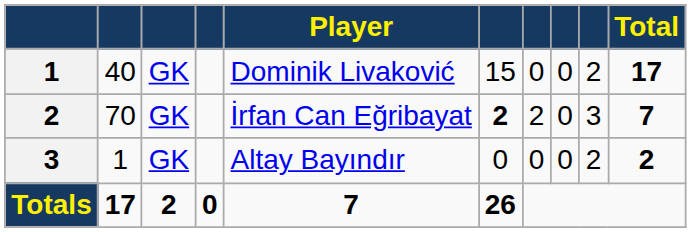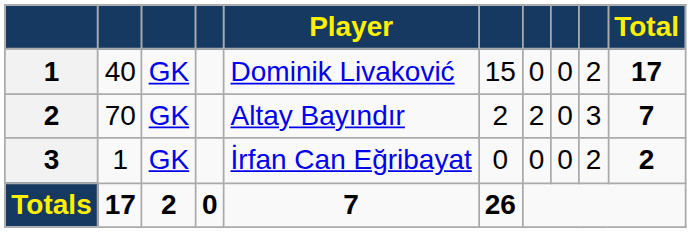 <table class="wikitable" style="text-align:center">
 <tr>
 <th style="background:#163962; color:#FFF000; "></th>
 <th style="background:#163962; color:#FFF000; "></th>
 <th style="background:#163962; color:#FFF000; "></th>
 <th style="background:#163962; color:#FFF000; "></th>
 <th style="background:#163962; color:#FFF000; ">Player</th>
 <th style="background:#163962; color:#FFF000; "></th>
 <th style="background:#163962; color:#FFF000; "></th>
 <th style="background:#163962; color:#FFF000; "></th>
 <th style="background:#163962; color:#FFF000; "></th>
 <th style="background:#163962; color:#FFF000; ">Total</th>
 </tr>
 <tr>
 <th>1</th>
 <td>40</td>
 <td><a href='#'>GK</a></td>
 <td></td>
 <td align=left><a href='#'>Dominik Livaković</a></td>
 <td>15</td>
 <td>0</td>
 <td>0</td>
 <td>2</td>
 <td><strong>17</strong></td>
 </tr>
 <tr>
 <th>2</th>
 <td>70</td>
 <td><a href='#'>GK</a></td>
 <td></td>
-<td align=left><a href='#'>İrfan Can Eğribayat</a></td>
-<td><strong>2</strong></td>
+<td align=left><a href='#'>Altay Bayındır</a></td>
+<td>2</td>
 <td>2</td>
 <td>0</td>
 <td>3</td>
 <td><strong>7</strong></td>
 </tr>
 <tr>
 <th>3</th>
 <td>1</td>
 <td><a href='#'>GK</a></td>
 <td></td>
-<td align=left><a href='#'>Altay Bayındır</a></td>
+<td align=left><a href='#'>İrfan Can Eğribayat</a></td>
 <td>0</td>
 <td>0</td>
 <td>0</td>
 <td>2</td>
 <td><strong>2</strong></td>
 </tr>
 <tr>
 <td style="background:#163962; color:#FFF000; "><strong>Totals</strong></td>
 <td><strong>17</strong></td>
 <td><strong>2</strong></td>
 <td><strong>0</strong></td>
 <td><strong>7</strong></td>
 <td><strong>26</strong></td>
 </tr>
 </table>
